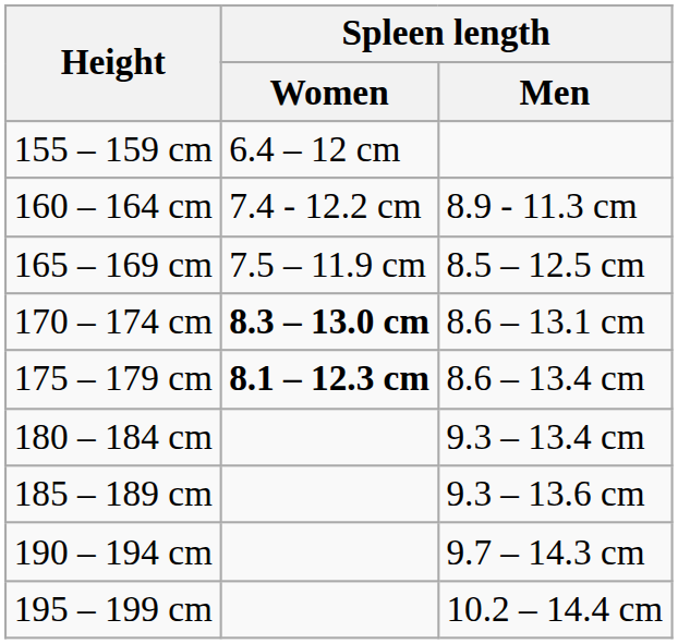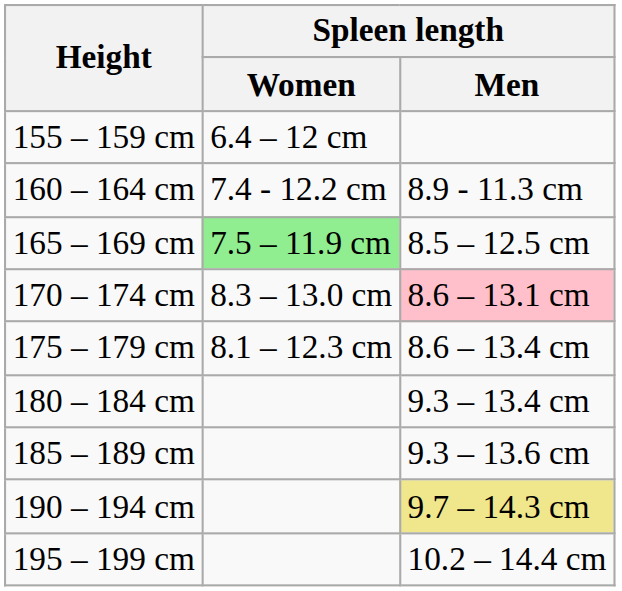 <table class="wikitable" align="center">
 <tr>
 <th rowspan=2>Height</th>
 <th colspan=2>Spleen length</th>
 </tr>
 <tr>
 <th>Women</th>
 <th>Men</th>
 </tr>
 <tr>
 <td>155 – 159 cm</td>
 <td>6.4 – 12 cm</td>
 <td></td>
 </tr>
 <tr>
 <td>160 – 164 cm</td>
 <td>7.4 - 12.2 cm</td>
 <td>8.9 - 11.3 cm</td>
 </tr>
 <tr>
 <td>165 – 169 cm</td>
-<td>7.5 – 11.9 cm</td>
+<td style="background: lightgreen;">7.5 – 11.9 cm</td>
 <td>8.5 – 12.5 cm</td>
 </tr>
 <tr>
 <td>170 – 174 cm</td>
-<td><strong>8.3 – 13.0 cm</strong></td>
-<td>8.6 – 13.1 cm</td>
+<td>8.3 – 13.0 cm</td>
+<td style="background: pink;">8.6 – 13.1 cm</td>
 </tr>
 <tr>
 <td>175 – 179 cm</td>
-<td><strong>8.1 – 12.3 cm</strong></td>
+<td>8.1 – 12.3 cm</td>
 <td>8.6 – 13.4 cm</td>
 </tr>
 <tr>
 <td>180 – 184 cm</td>
 <td></td>
 <td>9.3 – 13.4 cm</td>
 </tr>
 <tr>
 <td>185 – 189 cm</td>
 <td></td>
 <td>9.3 – 13.6 cm</td>
 </tr>
 <tr>
 <td>190 – 194 cm</td>
 <td></td>
-<td>9.7 – 14.3 cm</td>
+<td style="background: khaki;">9.7 – 14.3 cm</td>
 </tr>
 <tr>
 <td>195 – 199 cm</td>
 <td></td>
 <td>10.2 – 14.4 cm</td>
 </tr>
 </table>
